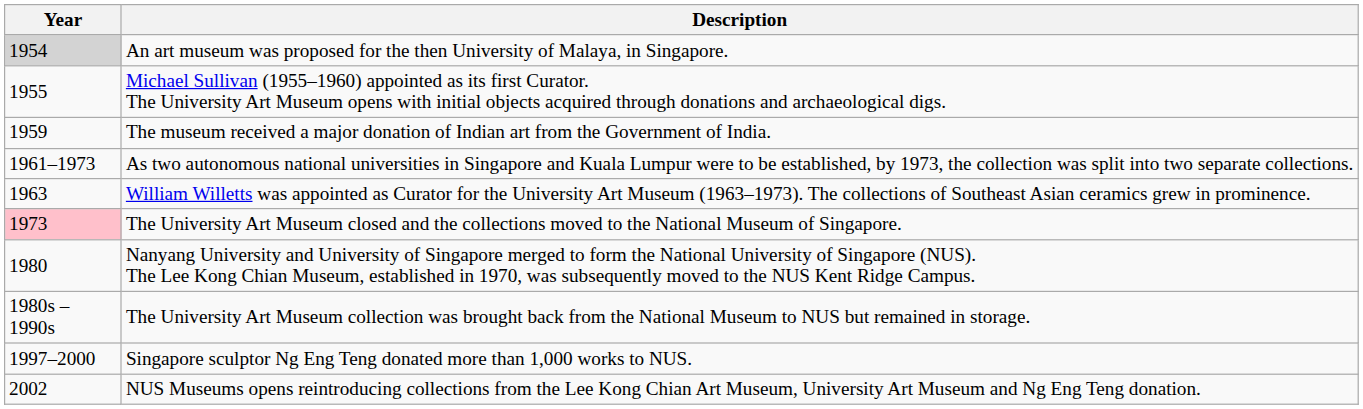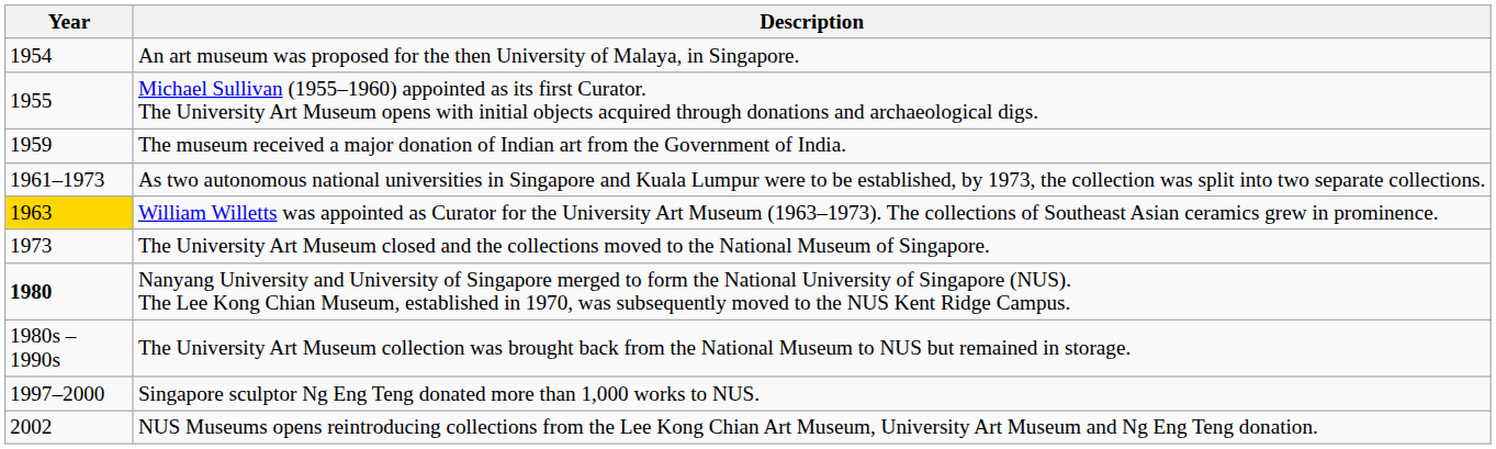 <table class="wikitable">
 <tr>
 <th scope="col" width="90px">Year</th>
 <th>Description</th>
 </tr>
 <tr>
-<td style="background: lightgrey;">1954</td>
+<td>1954</td>
 <td>An art museum was proposed for the then University of Malaya, in Singapore.</td>
 </tr>
 <tr>
 <td>1955</td>
 <td><a href='#'>Michael Sullivan</a> (1955–1960) appointed as its first Curator.<br>The University Art Museum opens with initial objects acquired through donations and archaeological digs.</td>
 </tr>
 <tr>
 <td>1959</td>
 <td>The museum received a major donation of Indian art from the Government of India.</td>
 </tr>
 <tr>
 <td>1961–1973</td>
 <td>As two autonomous national universities in Singapore and Kuala Lumpur were to be established, by 1973, the collection was split into two separate collections.</td>
 </tr>
 <tr>
-<td>1963</td>
+<td style="background: gold;">1963</td>
 <td><a href='#'>William Willetts</a> was appointed as Curator for the University Art Museum (1963–1973).  The collections of Southeast Asian ceramics grew in prominence.</td>
 </tr>
 <tr>
-<td style="background: pink;">1973</td>
+<td>1973</td>
 <td>The University Art Museum closed and the collections moved to the National Museum of Singapore.</td>
 </tr>
 <tr>
-<td>1980</td>
+<td><strong>1980</strong></td>
 <td>Nanyang University and University of Singapore merged to form the National University of Singapore (NUS).<br>The Lee Kong Chian Museum, established in 1970, was subsequently moved to the NUS Kent Ridge Campus.</td>
 </tr>
 <tr>
 <td>1980s – 1990s</td>
 <td>The University Art Museum collection was brought back from the National Museum to NUS but remained in storage.</td>
 </tr>
 <tr>
 <td>1997–2000</td>
 <td>Singapore sculptor Ng Eng Teng donated more than 1,000 works to NUS.</td>
 </tr>
 <tr>
 <td>2002</td>
 <td>NUS Museums opens reintroducing collections from the Lee Kong Chian Art Museum, University Art Museum and Ng Eng Teng donation.</td>
 </tr>
 </table>
